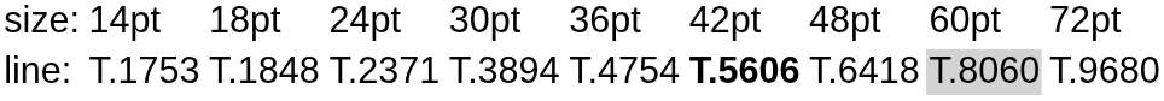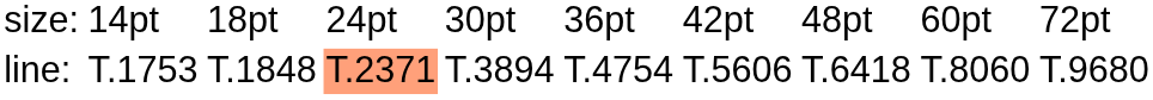 <table style="margin-left:40px;">
 <tr>
 <td>size:</td>
 <td>14pt</td>
 <td>18pt</td>
 <td>24pt</td>
 <td>30pt</td>
 <td>36pt</td>
 <td>42pt</td>
 <td>48pt</td>
 <td>60pt</td>
 <td>72pt</td>
 </tr>
 <tr>
 <td>line:</td>
 <td>T.1753</td>
 <td>T.1848</td>
-<td>T.2371</td>
+<td style="background: lightsalmon;">T.2371</td>
 <td>T.3894</td>
 <td>T.4754</td>
-<td><strong>T.5606</strong></td>
+<td>T.5606</td>
 <td>T.6418</td>
-<td style="background: lightgrey;">T.8060</td>
+<td>T.8060</td>
 <td>T.9680</td>
 </tr>
 </table>
